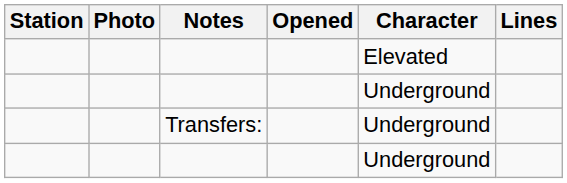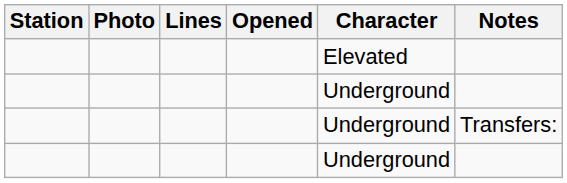 <table class="wikitable sortable">
 <tr>
 <th>Station</th>
 <th class="unsortable">Photo</th>
-<th class="unsortable">Notes</th>
+<th>Lines</th>
 <th>Opened</th>
 <th>Character</th>
-<th>Lines</th>
+<th class="unsortable">Notes</th>
 </tr>
 <tr>
 <td><em></em></td>
 <td></td>
 <td></td>
 <td></td>
 <td>Elevated</td>
 <td></td>
 </tr>
 <tr>
 <td><em></em></td>
 <td></td>
 <td></td>
 <td></td>
 <td>Underground</td>
 <td></td>
 </tr>
 <tr>
 <td><em></em></td>
 <td></td>
-<td>Transfers:     <br></td>
+<td></td>
 <td></td>
 <td>Underground</td>
-<td></td>
+<td>Transfers:     <br></td>
 </tr>
 <tr>
 <td><em></em></td>
 <td></td>
 <td></td>
 <td></td>
 <td>Underground</td>
 <td></td>
 </tr>
 </table>
